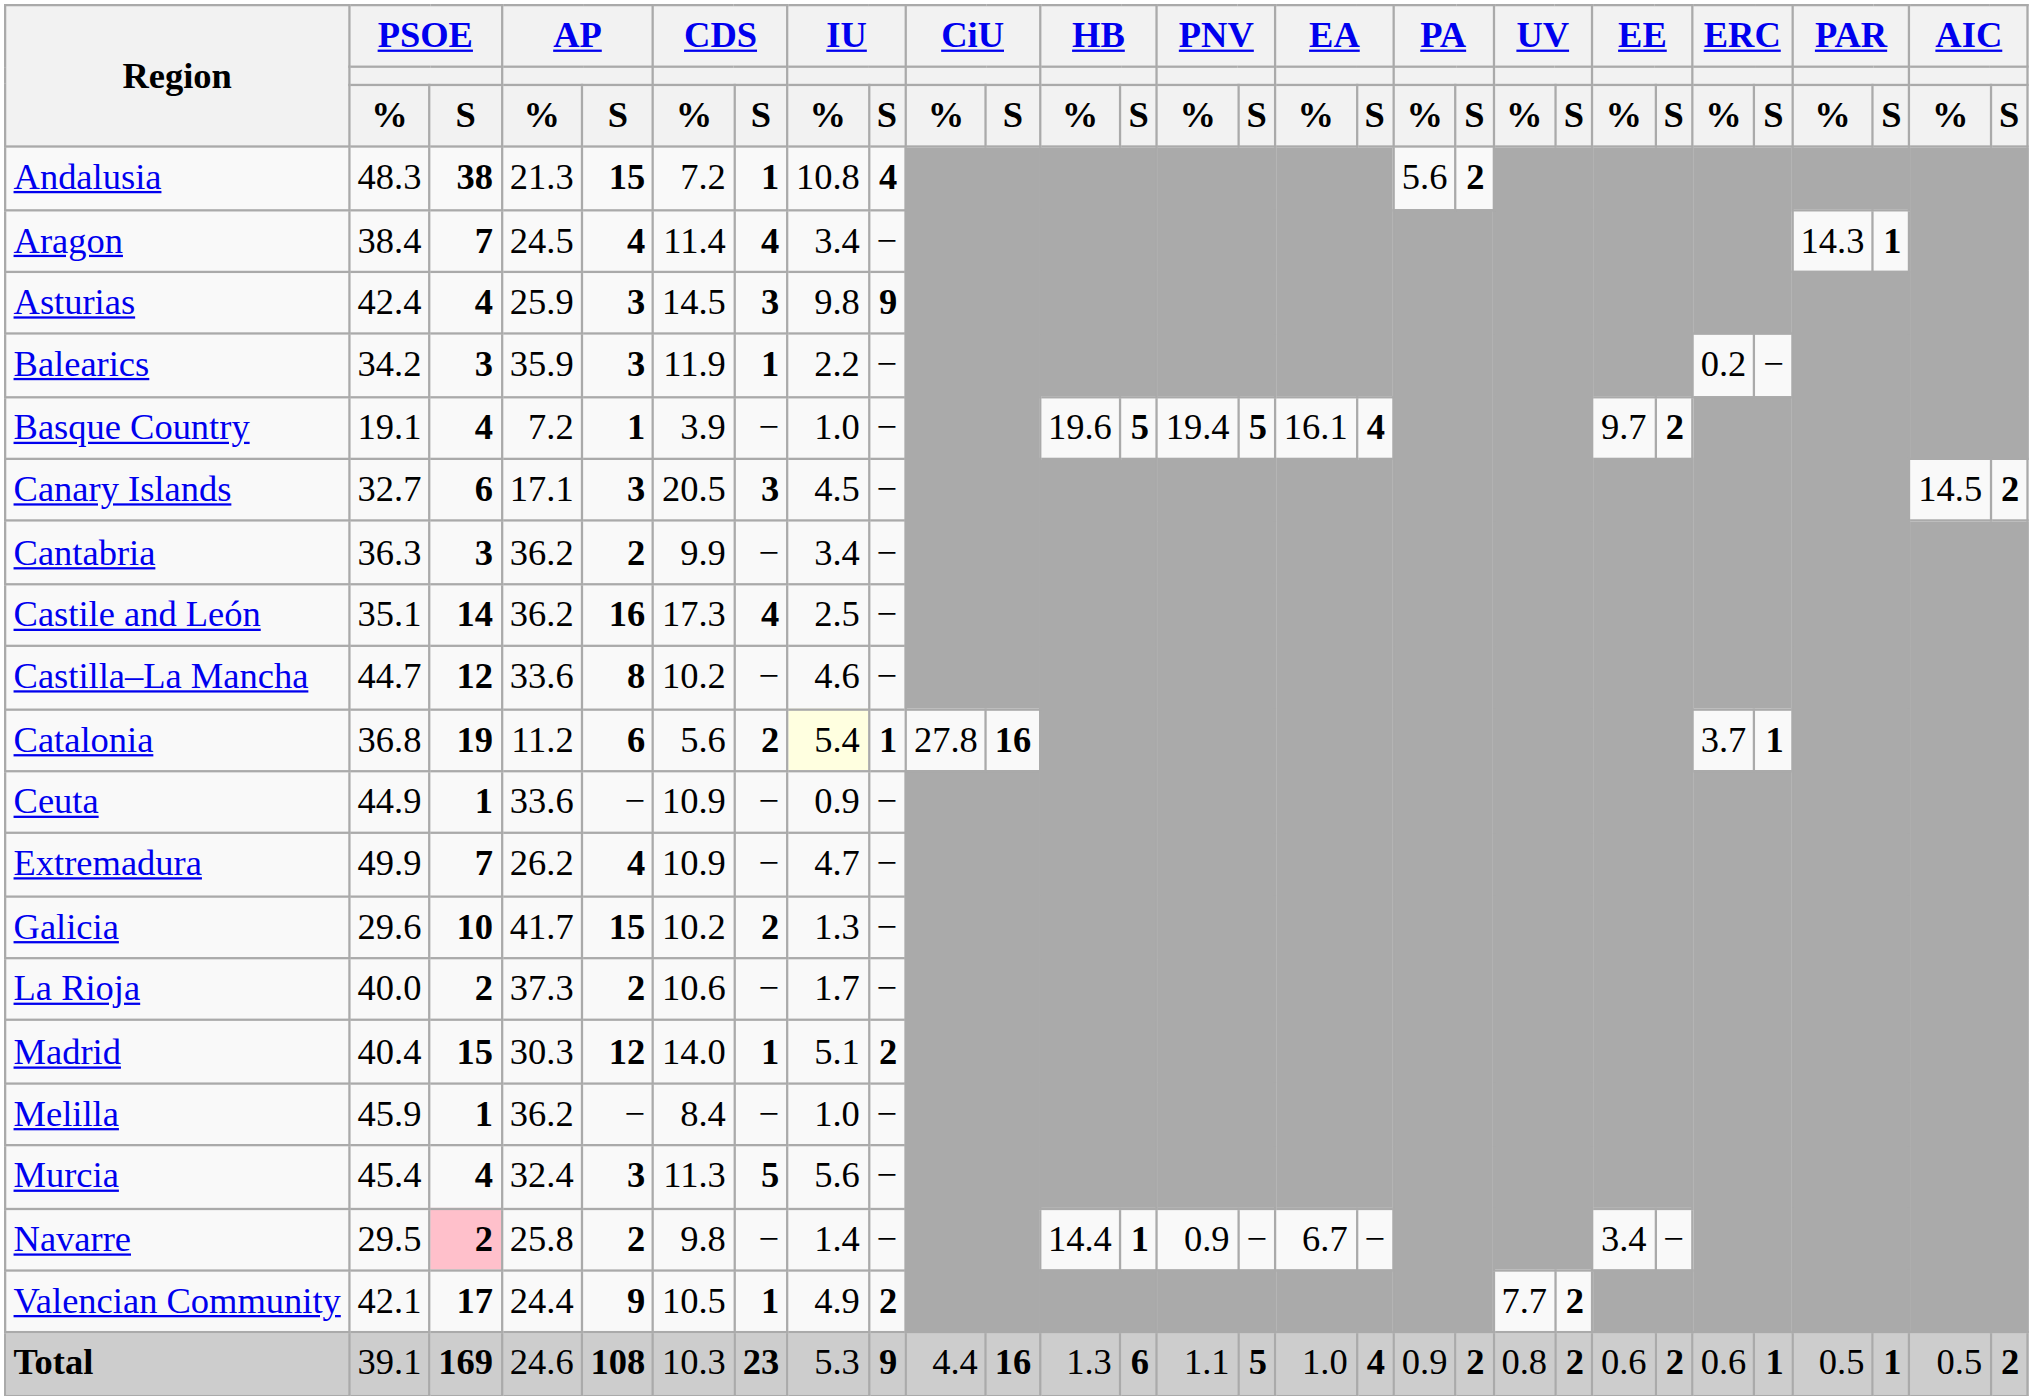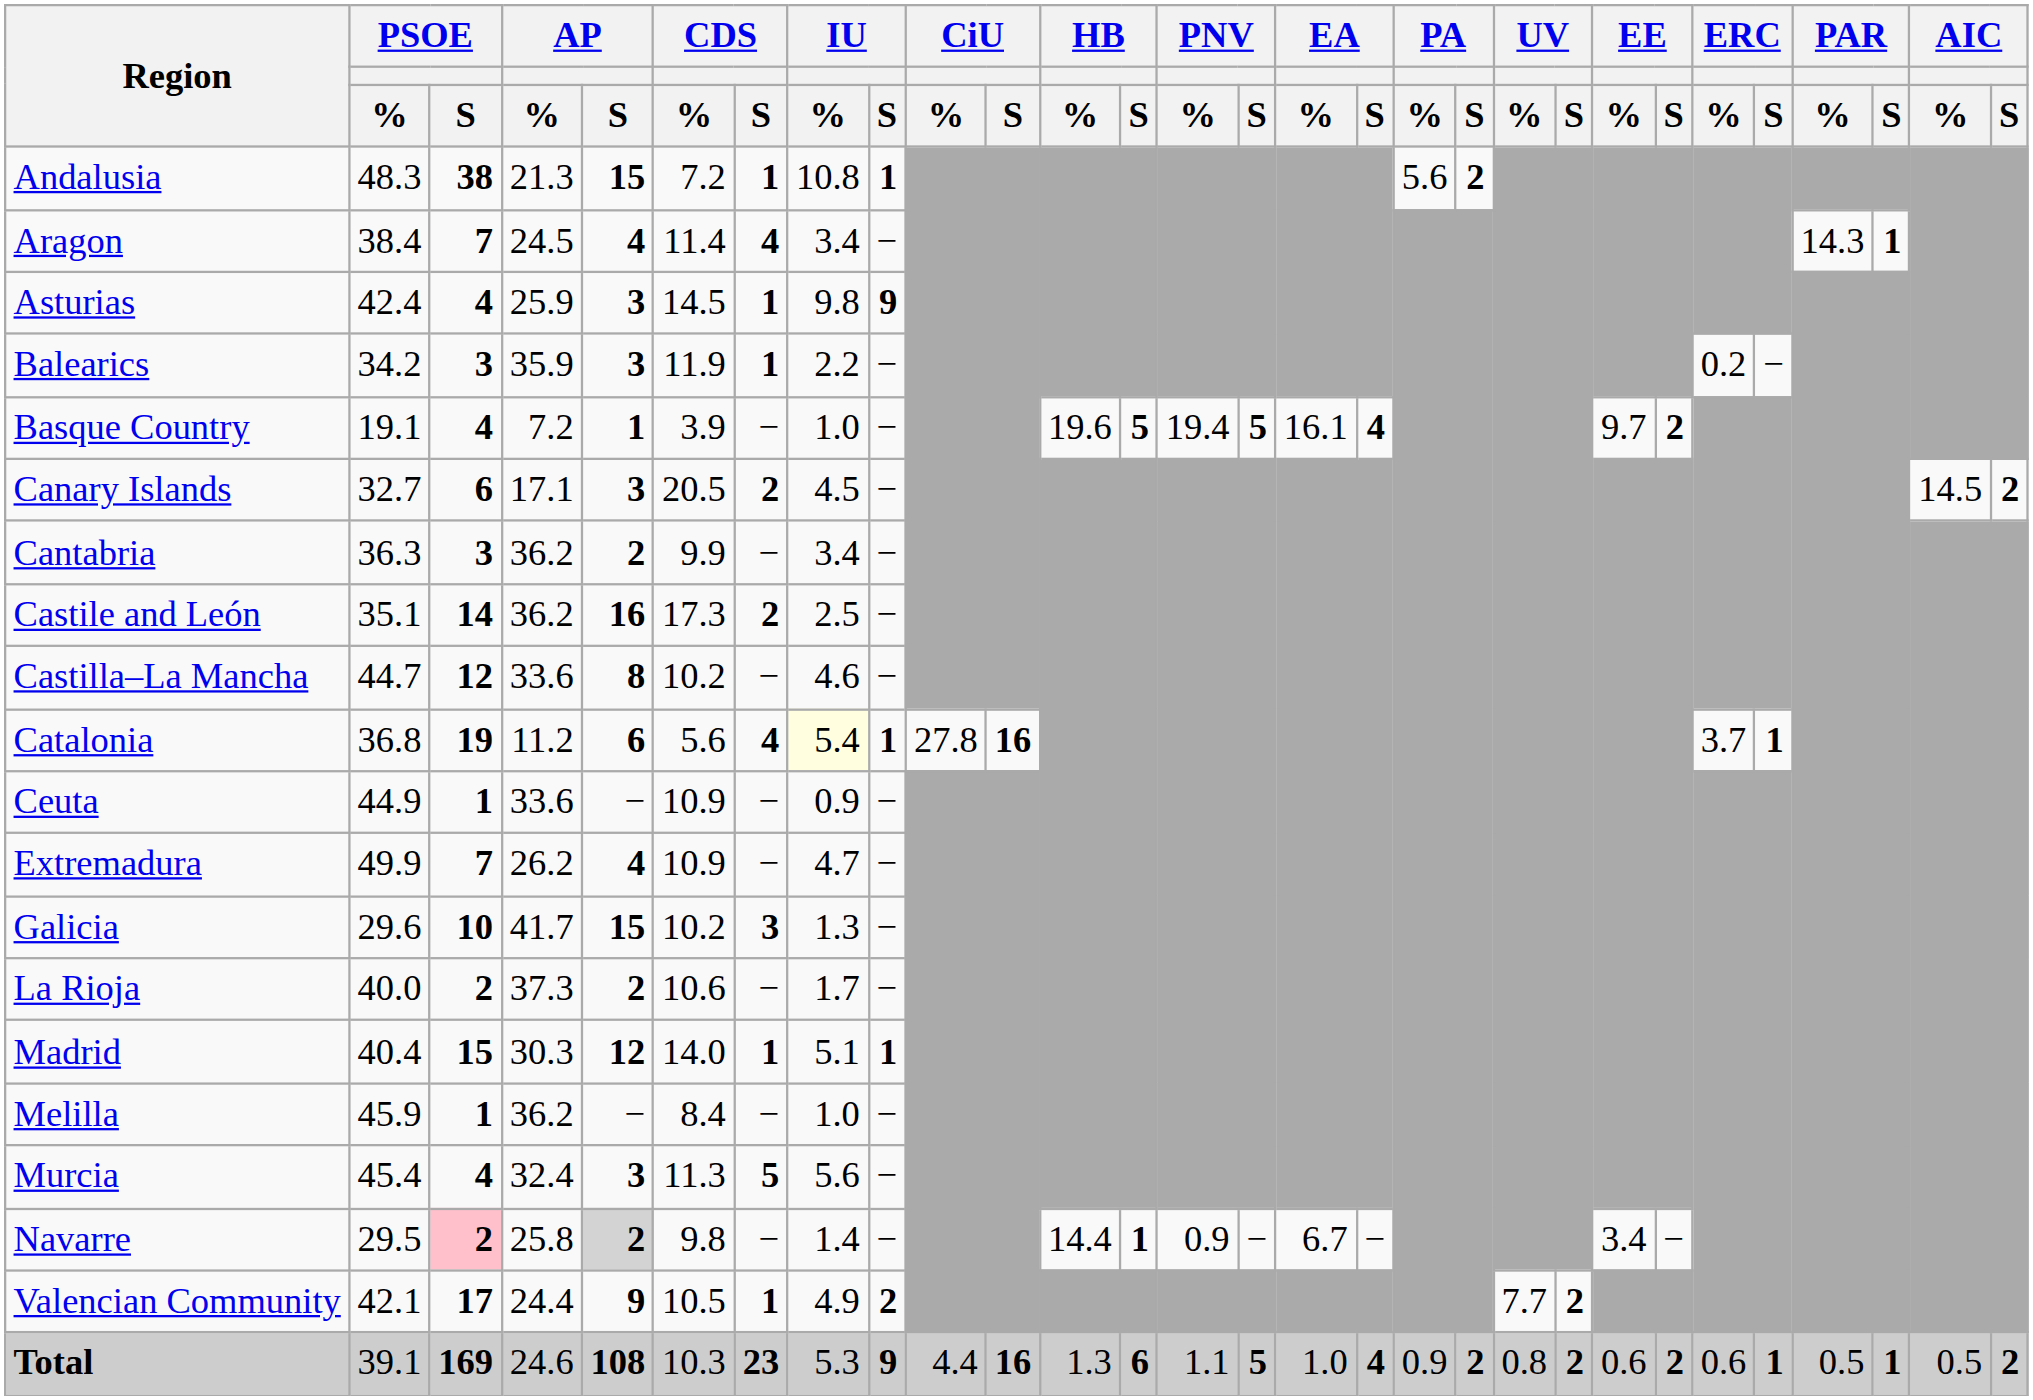 <table class="wikitable sortable" style="text-align:right; line-height:20px">
 <tr>
 <th rowspan="3">Region</th>
 <th colspan="2" width="30px" class="unsortable"><a href='#'>PSOE</a></th>
 <th colspan="2" width="30px" class="unsortable"><a href='#'>AP</a></th>
 <th colspan="2" width="30px" class="unsortable"><a href='#'>CDS</a></th>
 <th colspan="2" width="30px" class="unsortable"><a href='#'>IU</a></th>
 <th colspan="2" width="30px" class="unsortable"><a href='#'>CiU</a></th>
 <th colspan="2" width="30px" class="unsortable"><a href='#'>HB</a></th>
 <th colspan="2" width="30px" class="unsortable"><a href='#'>PNV</a></th>
 <th colspan="2" width="30px" class="unsortable"><a href='#'>EA</a></th>
 <th colspan="2" width="30px" class="unsortable"><a href='#'>PA</a></th>
 <th colspan="2" width="30px" class="unsortable"><a href='#'>UV</a></th>
 <th colspan="2" width="30px" class="unsortable"><a href='#'>EE</a></th>
 <th colspan="2" width="30px" class="unsortable"><a href='#'>ERC</a></th>
 <th colspan="2" width="30px" class="unsortable"><a href='#'>PAR</a></th>
 <th colspan="2" width="30px" class="unsortable"><a href='#'>AIC</a></th>
 </tr>
 <tr>
 <th colspan="2" style="background:"></th>
 <th colspan="2" style="background:"></th>
 <th colspan="2" style="background:"></th>
 <th colspan="2" style="background:"></th>
 <th colspan="2" style="background:"></th>
 <th colspan="2" style="background:"></th>
 <th colspan="2" style="background:"></th>
 <th colspan="2" style="background:"></th>
 <th colspan="2" style="background:"></th>
 <th colspan="2" style="background:"></th>
 <th colspan="2" style="background:"></th>
 <th colspan="2" style="background:"></th>
 <th colspan="2" style="background:"></th>
 <th colspan="2" style="background:"></th>
 </tr>
 <tr>
 <th data-sort-type="number">%</th>
 <th data-sort-type="number">S</th>
 <th data-sort-type="number">%</th>
 <th data-sort-type="number">S</th>
 <th data-sort-type="number">%</th>
 <th data-sort-type="number">S</th>
 <th data-sort-type="number">%</th>
 <th data-sort-type="number">S</th>
 <th data-sort-type="number">%</th>
 <th data-sort-type="number">S</th>
 <th data-sort-type="number">%</th>
 <th data-sort-type="number">S</th>
 <th data-sort-type="number">%</th>
 <th data-sort-type="number">S</th>
 <th data-sort-type="number">%</th>
 <th data-sort-type="number">S</th>
 <th data-sort-type="number">%</th>
 <th data-sort-type="number">S</th>
 <th data-sort-type="number">%</th>
 <th data-sort-type="number">S</th>
 <th data-sort-type="number">%</th>
 <th data-sort-type="number">S</th>
 <th data-sort-type="number">%</th>
 <th data-sort-type="number">S</th>
 <th data-sort-type="number">%</th>
 <th data-sort-type="number">S</th>
 <th data-sort-type="number">%</th>
 <th data-sort-type="number">S</th>
 </tr>
 <tr>
 <td align="left"><a href='#'>Andalusia</a></td>
 <td style="background:">48.3</td>
 <td><strong>38</strong></td>
 <td>21.3</td>
 <td><strong>15</strong></td>
 <td>7.2</td>
 <td><strong>1</strong></td>
 <td>10.8</td>
-<td><strong>4</strong></td>
+<td><strong>1</strong></td>
 <td colspan="2" rowspan="9" bgcolor="#AAAAAA"></td>
 <td colspan="2" rowspan="4" bgcolor="#AAAAAA"></td>
 <td colspan="2" rowspan="4" bgcolor="#AAAAAA"></td>
 <td colspan="2" rowspan="4" bgcolor="#AAAAAA"></td>
 <td>5.6</td>
 <td><strong>2</strong></td>
 <td colspan="2" rowspan="18" bgcolor="#AAAAAA"></td>
 <td colspan="2" rowspan="4" bgcolor="#AAAAAA"></td>
 <td colspan="2" rowspan="3" bgcolor="#AAAAAA"></td>
 <td colspan="2" bgcolor="#AAAAAA"></td>
 <td colspan="2" rowspan="5" bgcolor="#AAAAAA"></td>
 </tr>
 <tr>
 <td align="left"><a href='#'>Aragon</a></td>
 <td style="background:">38.4</td>
 <td><strong>7</strong></td>
 <td>24.5</td>
 <td><strong>4</strong></td>
 <td>11.4</td>
 <td><strong>4</strong></td>
 <td>3.4</td>
 <td>−</td>
 <td colspan="2" rowspan="18" bgcolor="#AAAAAA"></td>
 <td>14.3</td>
 <td><strong>1</strong></td>
 </tr>
 <tr>
 <td align="left"><a href='#'>Asturias</a></td>
 <td style="background:">42.4</td>
 <td><strong>4</strong></td>
 <td>25.9</td>
 <td><strong>3</strong></td>
 <td>14.5</td>
-<td><strong>3</strong></td>
+<td><strong>1</strong></td>
 <td>9.8</td>
 <td><strong>9</strong></td>
 <td colspan="2" rowspan="17" bgcolor="#AAAAAA"></td>
 </tr>
 <tr>
 <td align="left"><a href='#'>Balearics</a></td>
 <td>34.2</td>
 <td><strong>3</strong></td>
 <td style="background:">35.9</td>
 <td><strong>3</strong></td>
 <td>11.9</td>
 <td><strong>1</strong></td>
 <td>2.2</td>
 <td>−</td>
 <td>0.2</td>
 <td>−</td>
 </tr>
 <tr>
 <td align="left"><a href='#'>Basque Country</a></td>
 <td>19.1</td>
 <td><strong>4</strong></td>
 <td>7.2</td>
 <td><strong>1</strong></td>
 <td>3.9</td>
 <td>−</td>
 <td>1.0</td>
 <td>−</td>
 <td style="background:">19.6</td>
 <td><strong>5</strong></td>
 <td>19.4</td>
 <td><strong>5</strong></td>
 <td>16.1</td>
 <td><strong>4</strong></td>
 <td>9.7</td>
 <td><strong>2</strong></td>
 <td colspan="2" rowspan="5" bgcolor="#AAAAAA"></td>
 </tr>
 <tr>
 <td align="left"><a href='#'>Canary Islands</a></td>
 <td style="background:">32.7</td>
 <td><strong>6</strong></td>
 <td>17.1</td>
 <td><strong>3</strong></td>
 <td>20.5</td>
-<td><strong>3</strong></td>
+<td><strong>2</strong></td>
 <td>4.5</td>
 <td>−</td>
 <td colspan="2" rowspan="12" bgcolor="#AAAAAA"></td>
 <td colspan="2" rowspan="12" bgcolor="#AAAAAA"></td>
 <td colspan="2" rowspan="12" bgcolor="#AAAAAA"></td>
 <td colspan="2" rowspan="12" bgcolor="#AAAAAA"></td>
 <td>14.5</td>
 <td><strong>2</strong></td>
 </tr>
 <tr>
 <td align="left"><a href='#'>Cantabria</a></td>
 <td style="background:">36.3</td>
 <td><strong>3</strong></td>
 <td>36.2</td>
 <td><strong>2</strong></td>
 <td>9.9</td>
 <td>−</td>
 <td>3.4</td>
 <td>−</td>
 <td colspan="2" rowspan="13" bgcolor="#AAAAAA"></td>
 </tr>
 <tr>
 <td align="left"><a href='#'>Castile and León</a></td>
 <td>35.1</td>
 <td><strong>14</strong></td>
 <td style="background:">36.2</td>
 <td><strong>16</strong></td>
 <td>17.3</td>
-<td><strong>4</strong></td>
+<td><strong>2</strong></td>
 <td>2.5</td>
 <td>−</td>
 </tr>
 <tr>
 <td align="left"><a href='#'>Castilla–La Mancha</a></td>
 <td style="background:">44.7</td>
 <td><strong>12</strong></td>
 <td>33.6</td>
 <td><strong>8</strong></td>
 <td>10.2</td>
 <td>−</td>
 <td>4.6</td>
 <td>−</td>
 </tr>
 <tr>
 <td align="left"><a href='#'>Catalonia</a></td>
 <td style="background:">36.8</td>
 <td><strong>19</strong></td>
 <td>11.2</td>
 <td><strong>6</strong></td>
 <td>5.6</td>
-<td><strong>2</strong></td>
+<td><strong>4</strong></td>
 <td style="background: lightyellow;">5.4</td>
 <td><strong>1</strong></td>
 <td>27.8</td>
 <td><strong>16</strong></td>
 <td>3.7</td>
 <td><strong>1</strong></td>
 </tr>
 <tr>
 <td align="left"><a href='#'>Ceuta</a></td>
 <td style="background:">44.9</td>
 <td><strong>1</strong></td>
 <td>33.6</td>
 <td>−</td>
 <td>10.9</td>
 <td>−</td>
 <td>0.9</td>
 <td>−</td>
 <td colspan="2" rowspan="9" bgcolor="#AAAAAA"></td>
 <td colspan="2" rowspan="9" bgcolor="#AAAAAA"></td>
 </tr>
 <tr>
 <td align="left"><a href='#'>Extremadura</a></td>
 <td style="background:">49.9</td>
 <td><strong>7</strong></td>
 <td>26.2</td>
 <td><strong>4</strong></td>
 <td>10.9</td>
 <td>−</td>
 <td>4.7</td>
 <td>−</td>
 </tr>
 <tr>
 <td align="left"><a href='#'>Galicia</a></td>
 <td>29.6</td>
 <td><strong>10</strong></td>
 <td style="background:">41.7</td>
 <td><strong>15</strong></td>
 <td>10.2</td>
-<td><strong>2</strong></td>
+<td><strong>3</strong></td>
 <td>1.3</td>
 <td>−</td>
 </tr>
 <tr>
 <td align="left"><a href='#'>La Rioja</a></td>
 <td style="background:">40.0</td>
 <td><strong>2</strong></td>
 <td>37.3</td>
 <td><strong>2</strong></td>
 <td>10.6</td>
 <td>−</td>
 <td>1.7</td>
 <td>−</td>
 </tr>
 <tr>
 <td align="left"><a href='#'>Madrid</a></td>
 <td style="background:">40.4</td>
 <td><strong>15</strong></td>
 <td>30.3</td>
 <td><strong>12</strong></td>
 <td>14.0</td>
 <td><strong>1</strong></td>
 <td>5.1</td>
-<td><strong>2</strong></td>
+<td><strong>1</strong></td>
 </tr>
 <tr>
 <td align="left"><a href='#'>Melilla</a></td>
 <td style="background:">45.9</td>
 <td><strong>1</strong></td>
 <td>36.2</td>
 <td>−</td>
 <td>8.4</td>
 <td>−</td>
 <td>1.0</td>
 <td>−</td>
 </tr>
 <tr>
 <td align="left"><a href='#'>Murcia</a></td>
 <td style="background:">45.4</td>
 <td><strong>4</strong></td>
 <td>32.4</td>
 <td><strong>3</strong></td>
 <td>11.3</td>
 <td><strong>5</strong></td>
 <td>5.6</td>
 <td>−</td>
 </tr>
 <tr>
 <td align="left"><a href='#'>Navarre</a></td>
 <td style="background:">29.5</td>
 <td style="background: pink;"><strong>2</strong></td>
 <td>25.8</td>
-<td><strong>2</strong></td>
+<td style="background: lightgrey;"><strong>2</strong></td>
 <td>9.8</td>
 <td>−</td>
 <td>1.4</td>
 <td>−</td>
 <td>14.4</td>
 <td><strong>1</strong></td>
 <td>0.9</td>
 <td>−</td>
 <td>6.7</td>
 <td>−</td>
 <td>3.4</td>
 <td>−</td>
 </tr>
 <tr>
 <td align="left"><a href='#'>Valencian Community</a></td>
 <td style="background:">42.1</td>
 <td><strong>17</strong></td>
 <td>24.4</td>
 <td><strong>9</strong></td>
 <td>10.5</td>
 <td><strong>1</strong></td>
 <td>4.9</td>
 <td><strong>2</strong></td>
 <td colspan="2" bgcolor="#AAAAAA"></td>
 <td colspan="2" bgcolor="#AAAAAA"></td>
 <td colspan="2" bgcolor="#AAAAAA"></td>
 <td>7.7</td>
 <td><strong>2</strong></td>
 <td colspan="2" bgcolor="#AAAAAA"></td>
 </tr>
 <tr style="background:#CDCDCD;">
 <td align="left"><strong>Total</strong></td>
 <td style="background:">39.1</td>
 <td><strong>169</strong></td>
 <td>24.6</td>
 <td><strong>108</strong></td>
 <td>10.3</td>
 <td><strong>23</strong></td>
 <td>5.3</td>
 <td><strong>9</strong></td>
 <td>4.4</td>
 <td><strong>16</strong></td>
 <td>1.3</td>
 <td><strong>6</strong></td>
 <td>1.1</td>
 <td><strong>5</strong></td>
 <td>1.0</td>
 <td><strong>4</strong></td>
 <td>0.9</td>
 <td><strong>2</strong></td>
 <td>0.8</td>
 <td><strong>2</strong></td>
 <td>0.6</td>
 <td><strong>2</strong></td>
 <td>0.6</td>
 <td><strong>1</strong></td>
 <td>0.5</td>
 <td><strong>1</strong></td>
 <td>0.5</td>
 <td><strong>2</strong></td>
 </tr>
 </table>
